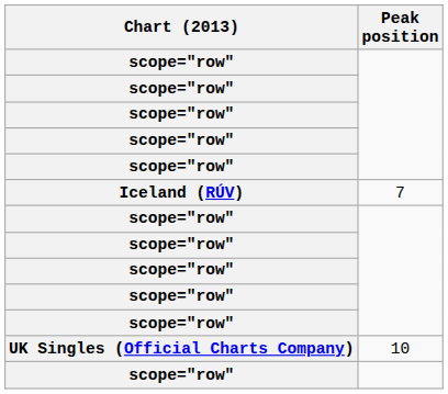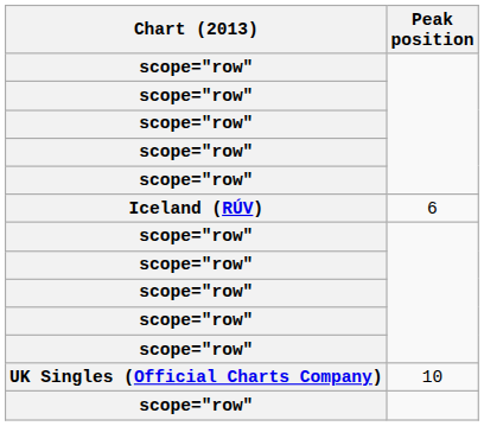 <table class="wikitable sortable plainrowheaders">
 <tr>
 <th scope="col">Chart (2013)</th>
 <th scope="col">Peak<br>position</th>
 </tr>
 <tr>
 <th>scope="row"</th>
 </tr>
 <tr>
 <th>scope="row"</th>
 </tr>
 <tr>
 <th>scope="row"</th>
 </tr>
 <tr>
 <th>scope="row"</th>
 </tr>
 <tr>
 <th>scope="row"</th>
 </tr>
 <tr>
 <th scope="row">Iceland (<a href='#'>RÚV</a>)</th>
-<td style="text-align:center;">7</td>
+<td style="text-align:center;">6</td>
 </tr>
 <tr>
 <th>scope="row"</th>
 </tr>
 <tr>
 <th>scope="row"</th>
 </tr>
 <tr>
 <th>scope="row"</th>
 </tr>
 <tr>
 <th>scope="row"</th>
 </tr>
 <tr>
 <th>scope="row"</th>
 </tr>
 <tr>
 <th scope="row">UK Singles (<a href='#'>Official Charts Company</a>)</th>
 <td align="center">10</td>
 </tr>
 <tr>
 <th>scope="row"</th>
 </tr>
 </table>
